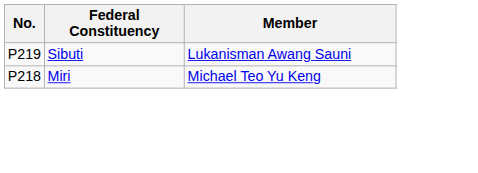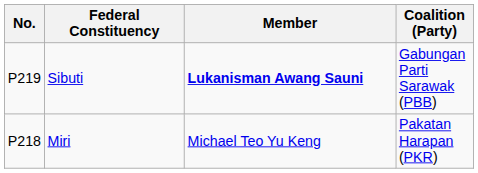 <table class="wikitable">
 <tr>
 <th width="30">No.</th>
 <th width="150">Federal Constituency</th>
 <th width="230">Member</th>
+<th width="80">Coalition (Party)</th>
 </tr>
 <tr>
 <td>P219</td>
 <td><a href='#'>Sibuti</a></td>
-<td><a href='#'>Lukanisman Awang Sauni</a></td>
+<td><strong><a href='#'>Lukanisman Awang Sauni</a></strong></td>
+<td><a href='#'>Gabungan Parti Sarawak</a> (<a href='#'>PBB</a>)</td>
 </tr>
 <tr>
 <td>P218</td>
 <td><a href='#'>Miri</a></td>
 <td><a href='#'>Michael Teo Yu Keng</a></td>
+<td><a href='#'>Pakatan Harapan</a> (<a href='#'>PKR</a>)</td>
 </tr>
 </table>
